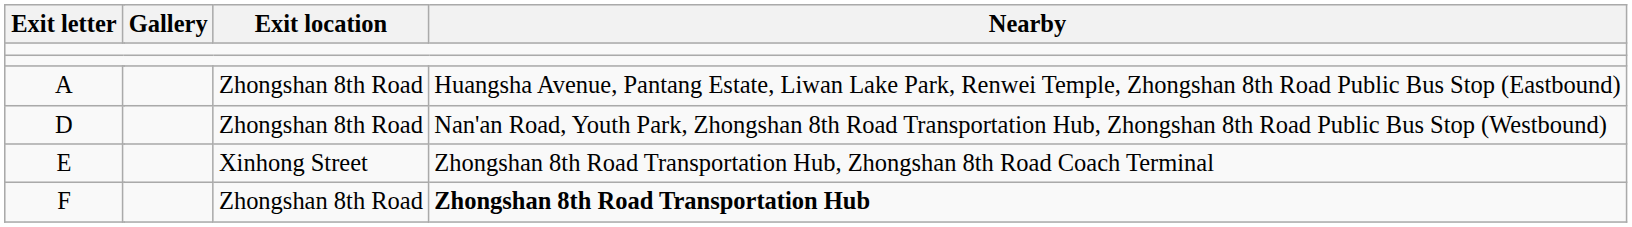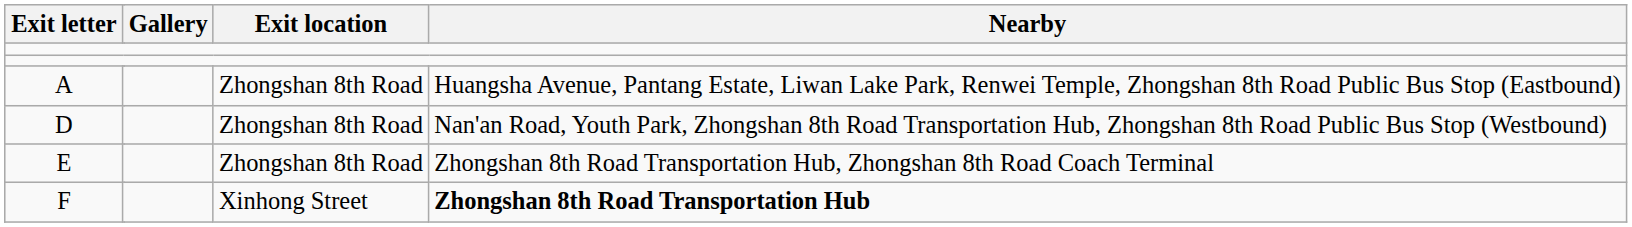 <table class="wikitable">
 <tr>
 <th style="width:70px" colspan="2">Exit letter</th>
 <th>Gallery</th>
 <th>Exit location</th>
 <th>Nearby</th>
 </tr>
 <tr style="background:#">
 <td colspan = "6"></td>
 </tr>
 <tr style="background:#">
 <td colspan = "6"></td>
 </tr>
 <tr>
 <td align="center" colspan="2">A</td>
 <td></td>
 <td>Zhongshan 8th Road</td>
 <td>Huangsha Avenue, Pantang Estate, Liwan Lake Park, Renwei Temple, Zhongshan 8th Road Public Bus Stop (Eastbound)</td>
 </tr>
 <tr>
 <td align="center" colspan="2">D</td>
 <td></td>
 <td>Zhongshan 8th Road</td>
 <td>Nan'an Road, Youth Park, Zhongshan 8th Road Transportation Hub, Zhongshan 8th Road Public Bus Stop (Westbound)</td>
 </tr>
 <tr>
 <td align="center" colspan="2">E</td>
 <td></td>
-<td>Xinhong Street</td>
+<td>Zhongshan 8th Road</td>
 <td>Zhongshan 8th Road Transportation Hub, Zhongshan 8th Road Coach Terminal</td>
 </tr>
 <tr>
 <td align="center" colspan="2">F</td>
 <td></td>
-<td>Zhongshan 8th Road</td>
+<td>Xinhong Street</td>
 <td><strong>Zhongshan 8th Road Transportation Hub</strong></td>
 </tr>
 </table>
